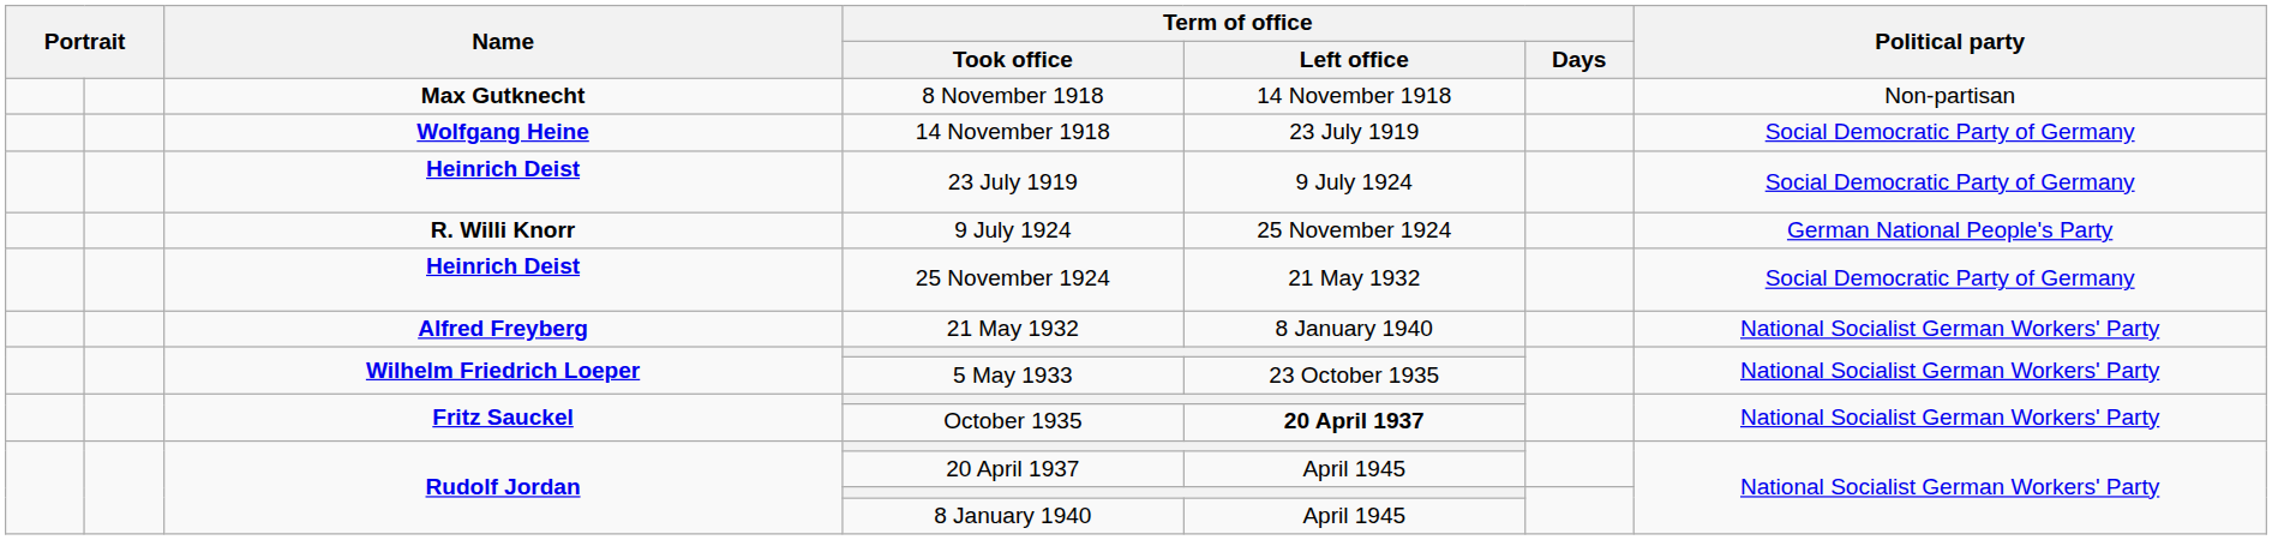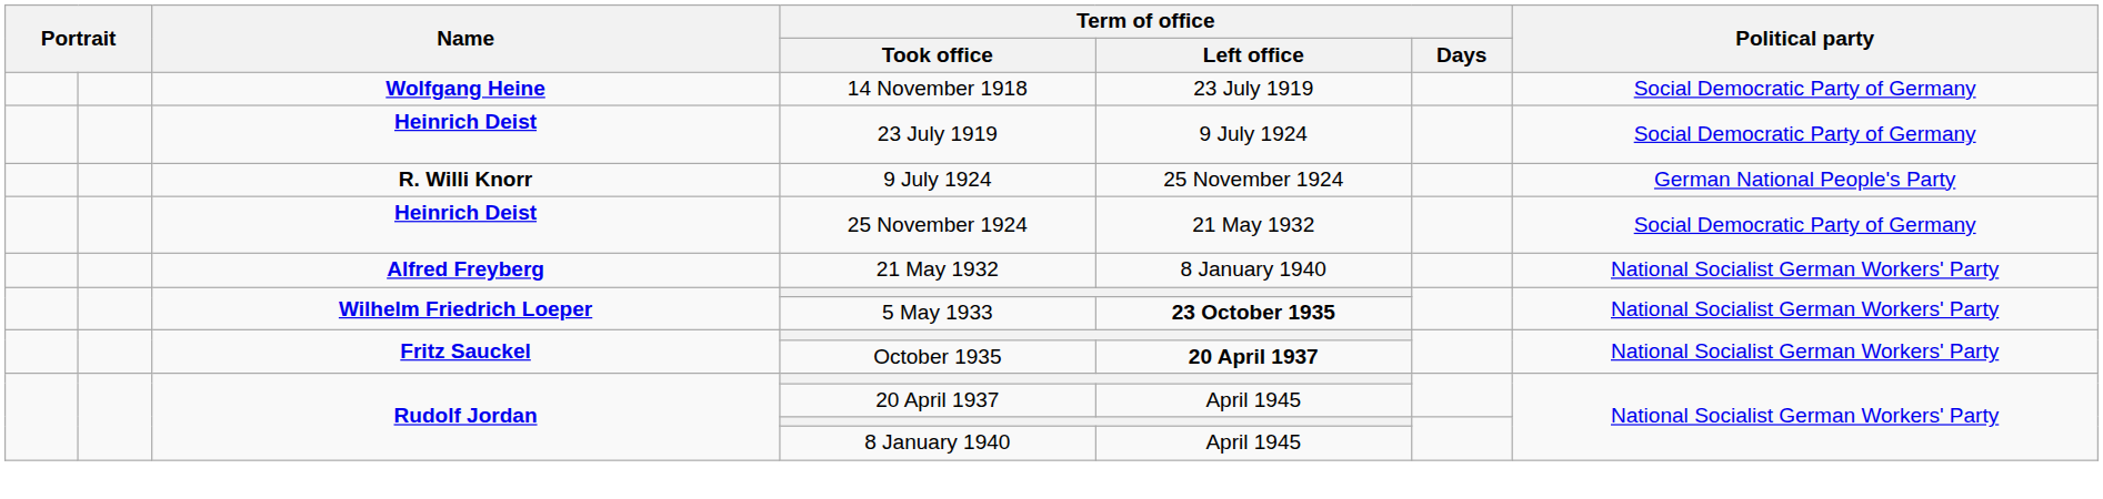 <table class="wikitable" style="text-align:center; width:100%; border:1px #AAAAFF solid">
 <tr>
 <th width=80px rowspan=2 colspan=2>Portrait</th>
 <th width=30% rowspan=2>Name<br></th>
 <th width=35% colspan=3>Term of office</th>
 <th width=28% rowspan=2>Political party</th>
 </tr>
 <tr>
 <th>Took office</th>
 <th>Left office</th>
 <th>Days</th>
-</tr>
-<tr>
-<td style="background:"></td>
-<td></td>
-<td><strong>Max Gutknecht</strong><br></td>
-<td>8 November 1918</td>
-<td>14 November 1918</td>
-<td></td>
-<td>Non-partisan</td>
 </tr>
 <tr>
 <td style="background:"></td>
 <td></td>
 <td><strong><a href='#'>Wolfgang Heine</a></strong><br></td>
 <td>14 November 1918</td>
 <td>23 July 1919</td>
 <td></td>
 <td><a href='#'>Social Democratic Party of Germany</a></td>
 </tr>
 <tr>
 <td style="background:"></td>
 <td></td>
 <td><strong><a href='#'>Heinrich Deist</a></strong><br><br></td>
 <td>23 July 1919</td>
 <td>9 July 1924</td>
 <td></td>
 <td><a href='#'>Social Democratic Party of Germany</a></td>
 </tr>
 <tr>
 <td style="background:"></td>
 <td></td>
 <td><strong>R. Willi Knorr</strong><br></td>
 <td>9 July 1924</td>
 <td>25 November 1924</td>
 <td></td>
 <td><a href='#'>German National People's Party</a></td>
 </tr>
 <tr>
 <td style="background:"></td>
 <td></td>
 <td><strong><a href='#'>Heinrich Deist</a></strong><br><br></td>
 <td>25 November 1924</td>
 <td>21 May 1932</td>
 <td></td>
 <td><a href='#'>Social Democratic Party of Germany</a></td>
 </tr>
 <tr>
 <td style="background:"></td>
 <td></td>
 <td><strong><a href='#'>Alfred Freyberg</a></strong><br></td>
 <td>21 May 1932</td>
 <td>8 January 1940</td>
 <td></td>
 <td><a href='#'>National Socialist German Workers' Party</a></td>
 </tr>
 <tr>
 <td rowspan="2" style="background:"></td>
 <td rowspan="2"></td>
 <td rowspan="2"><strong><a href='#'>Wilhelm Friedrich Loeper</a></strong><br></td>
 <th colspan="2"></th>
 <td rowspan="2"></td>
 <td rowspan="2"><a href='#'>National Socialist German Workers' Party</a></td>
 </tr>
 <tr>
 <td>5 May 1933</td>
-<td>23 October 1935</td>
+<td><strong>23 October 1935</strong></td>
 </tr>
 <tr>
 <td rowspan="2" style="background:"></td>
 <td rowspan="2"></td>
 <td rowspan="2"><strong><a href='#'>Fritz Sauckel</a></strong><br></td>
 <th colspan="2"></th>
 <td rowspan="2"></td>
 <td rowspan="2"><a href='#'>National Socialist German Workers' Party</a></td>
 </tr>
 <tr>
 <td>October 1935</td>
 <td><strong>20 April 1937</strong></td>
 </tr>
 <tr>
 <td rowspan="4" style="background:"></td>
 <td rowspan="4"></td>
 <td rowspan="4"><strong><a href='#'>Rudolf Jordan</a></strong><br></td>
 <th colspan="2"></th>
 <td rowspan="2"></td>
 <td rowspan="4"><a href='#'>National Socialist German Workers' Party</a></td>
 </tr>
 <tr>
 <td>20 April 1937</td>
 <td>April 1945</td>
 </tr>
 <tr>
 <th colspan="2"></th>
 <td rowspan="2"></td>
 </tr>
 <tr>
 <td>8 January 1940</td>
 <td>April 1945</td>
 </tr>
 </table>
